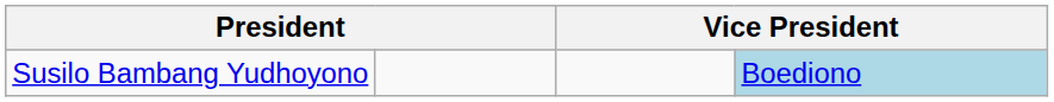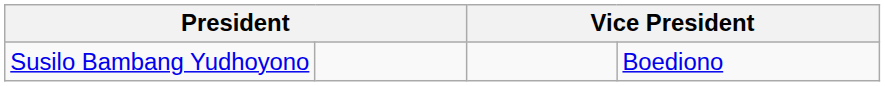 <table class="wikitable">
 <tr>
 <th colspan="2" width=270>President</th>
 <th colspan="2" width=270>Vice President</th>
 </tr>
 <tr>
 <td align="right"><a href='#'>Susilo Bambang Yudhoyono</a></td>
 <td align="center" width=94></td>
 <td align="center" width=94></td>
-<td align="left" style="background: lightblue;"><a href='#'>Boediono</a></td>
+<td align="left"><a href='#'>Boediono</a></td>
 </tr>
 </table>
